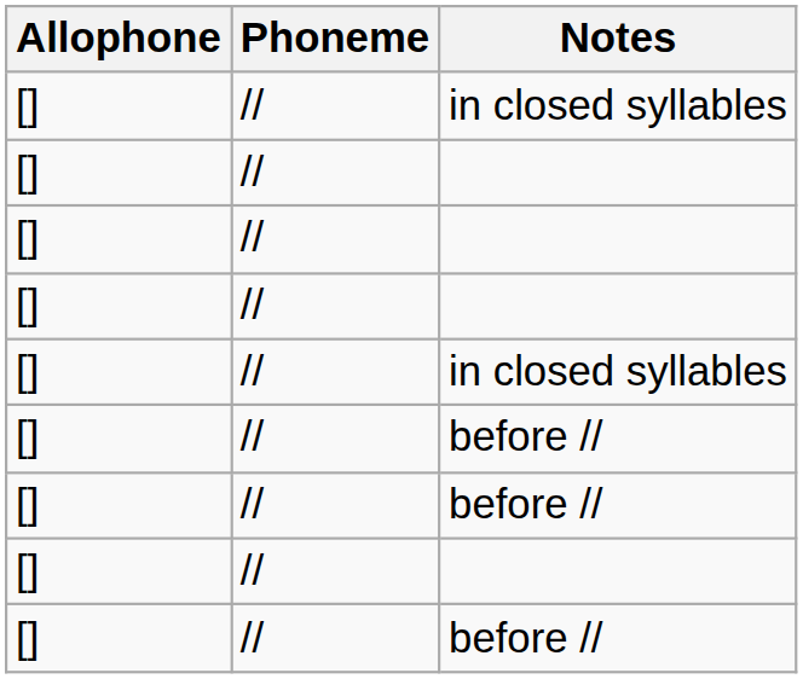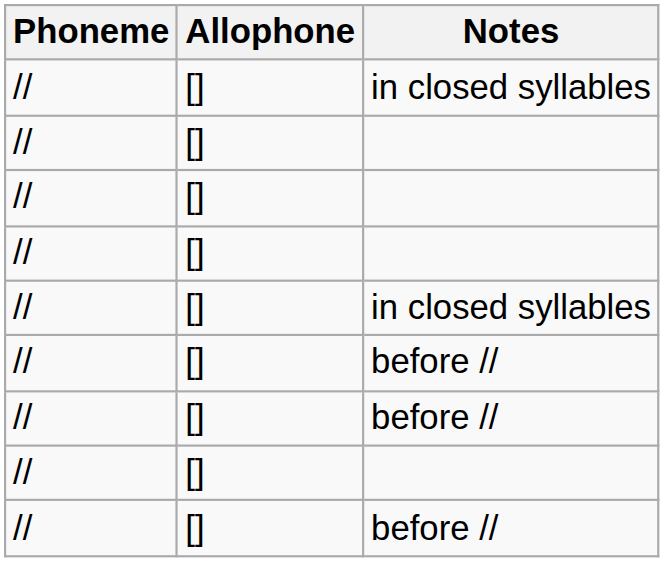 <table class="wikitable">
 <tr>
+<th>Phoneme</th>
 <th>Allophone</th>
-<th>Phoneme</th>
 <th>Notes</th>
 </tr>
 <tr>
+<td>//</td>
 <td>[]</td>
-<td>//</td>
 <td>in closed syllables</td>
 </tr>
 <tr>
+<td>//</td>
 <td>[]</td>
-<td>//</td>
 <td></td>
 </tr>
 <tr>
+<td>//</td>
 <td>[]</td>
-<td>//</td>
 <td></td>
 </tr>
 <tr>
+<td>//</td>
 <td>[]</td>
-<td>//</td>
 <td></td>
 </tr>
 <tr>
+<td>//</td>
 <td>[]</td>
-<td>//</td>
 <td>in closed syllables</td>
 </tr>
 <tr>
+<td>//</td>
 <td>[]</td>
-<td>//</td>
 <td>before //</td>
 </tr>
 <tr>
+<td>//</td>
 <td>[]</td>
-<td>//</td>
 <td>before //</td>
 </tr>
 <tr>
+<td>//</td>
 <td>[]</td>
-<td>//</td>
 <td></td>
 </tr>
 <tr>
+<td>//</td>
 <td>[]</td>
-<td>//</td>
 <td>before //</td>
 </tr>
 </table>
